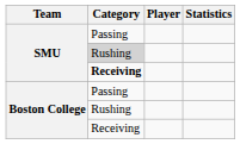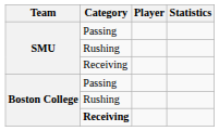 <table class="wikitable" style="float:right">
 <tr>
 <th>Team</th>
 <th>Category</th>
 <th>Player</th>
 <th>Statistics</th>
 </tr>
 <tr>
 <th rowspan=3>SMU</th>
 <td>Passing</td>
 <td></td>
 <td></td>
 </tr>
 <tr>
-<td style="background: lightgrey;">Rushing</td>
+<td>Rushing</td>
 <td></td>
 <td></td>
 </tr>
 <tr>
-<td><strong>Receiving</strong></td>
+<td>Receiving</td>
 <td></td>
 <td></td>
 </tr>
 <tr>
 <th rowspan=3>Boston College</th>
 <td>Passing</td>
 <td></td>
 <td></td>
 </tr>
 <tr>
 <td>Rushing</td>
 <td></td>
 <td></td>
 </tr>
 <tr>
-<td>Receiving</td>
+<td><strong>Receiving</strong></td>
 <td></td>
 <td></td>
 </tr>
 </table>
